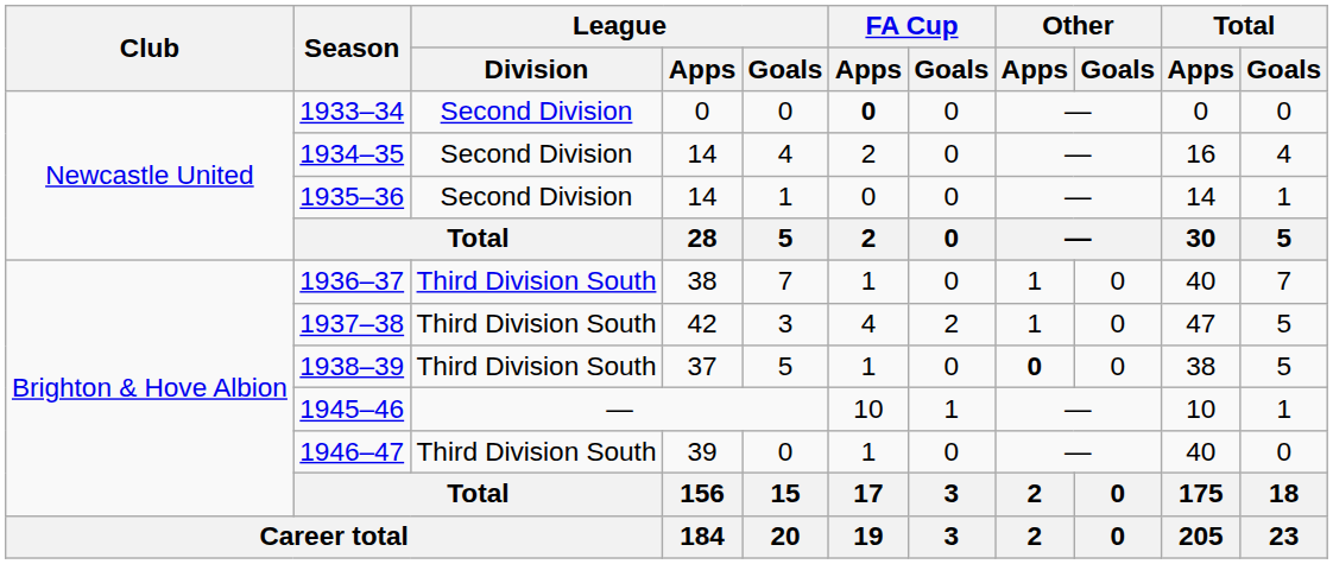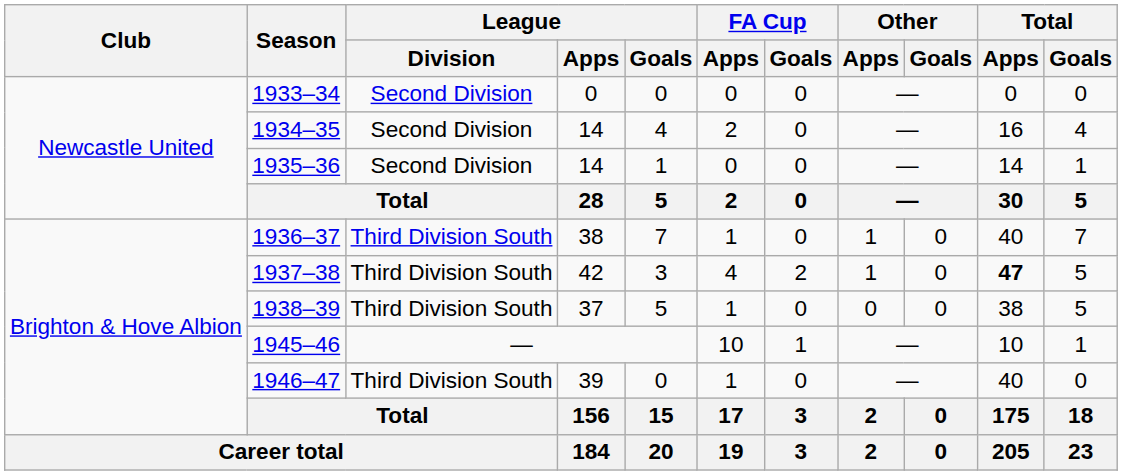 <table class="wikitable" style=text-align:center>
 <tr>
 <th rowspan=2>Club</th>
 <th rowspan=2>Season</th>
 <th colspan=3>League</th>
 <th colspan=2><a href='#'>FA Cup</a></th>
 <th colspan=2>Other</th>
 <th colspan=2>Total</th>
 </tr>
 <tr>
 <th>Division</th>
 <th>Apps</th>
 <th>Goals</th>
 <th>Apps</th>
 <th>Goals</th>
 <th>Apps</th>
 <th>Goals</th>
 <th>Apps</th>
 <th>Goals</th>
 </tr>
 <tr>
 <td rowspan=4><a href='#'>Newcastle United</a></td>
 <td><a href='#'>1933–34</a></td>
 <td><a href='#'>Second Division</a></td>
 <td>0</td>
 <td>0</td>
-<td><strong>0</strong></td>
+<td>0</td>
 <td>0</td>
 <td colspan=2>—</td>
 <td>0</td>
 <td>0</td>
 </tr>
 <tr>
 <td><a href='#'>1934–35</a></td>
 <td>Second Division</td>
 <td>14</td>
 <td>4</td>
 <td>2</td>
 <td>0</td>
 <td colspan=2>—</td>
 <td>16</td>
 <td>4</td>
 </tr>
 <tr>
 <td><a href='#'>1935–36</a></td>
 <td>Second Division</td>
 <td>14</td>
 <td>1</td>
 <td>0</td>
 <td>0</td>
 <td colspan=2>—</td>
 <td>14</td>
 <td>1</td>
 </tr>
 <tr>
 <th colspan=2>Total</th>
 <th>28</th>
 <th>5</th>
 <th>2</th>
 <th>0</th>
 <th colspan=2>—</th>
 <th>30</th>
 <th>5</th>
 </tr>
 <tr>
 <td rowspan=6><a href='#'>Brighton & Hove Albion</a></td>
 <td><a href='#'>1936–37</a></td>
 <td><a href='#'>Third Division South</a></td>
 <td>38</td>
 <td>7</td>
 <td>1</td>
 <td>0</td>
 <td>1</td>
 <td>0</td>
 <td>40</td>
 <td>7</td>
 </tr>
 <tr>
 <td><a href='#'>1937–38</a></td>
 <td>Third Division South</td>
 <td>42</td>
 <td>3</td>
 <td>4</td>
 <td>2</td>
 <td>1</td>
 <td>0</td>
-<td>47</td>
+<td><strong>47</strong></td>
 <td>5</td>
 </tr>
 <tr>
 <td><a href='#'>1938–39</a></td>
 <td>Third Division South</td>
 <td>37</td>
 <td>5</td>
 <td>1</td>
 <td>0</td>
-<td><strong>0</strong></td>
+<td>0</td>
 <td>0</td>
 <td>38</td>
 <td>5</td>
 </tr>
 <tr>
 <td><a href='#'>1945–46</a></td>
 <td colspan=3>—</td>
 <td>10</td>
 <td>1</td>
 <td colspan=2>—</td>
 <td>10</td>
 <td>1</td>
 </tr>
 <tr>
 <td><a href='#'>1946–47</a></td>
 <td>Third Division South</td>
 <td>39</td>
 <td>0</td>
 <td>1</td>
 <td>0</td>
 <td colspan=2>—</td>
 <td>40</td>
 <td>0</td>
 </tr>
 <tr>
 <th colspan=2>Total</th>
 <th>156</th>
 <th>15</th>
 <th>17</th>
 <th>3</th>
 <th>2</th>
 <th>0</th>
 <th>175</th>
 <th>18</th>
 </tr>
 <tr>
 <th colspan=3>Career total</th>
 <th>184</th>
 <th>20</th>
 <th>19</th>
 <th>3</th>
 <th>2</th>
 <th>0</th>
 <th>205</th>
 <th>23</th>
 </tr>
 </table>
